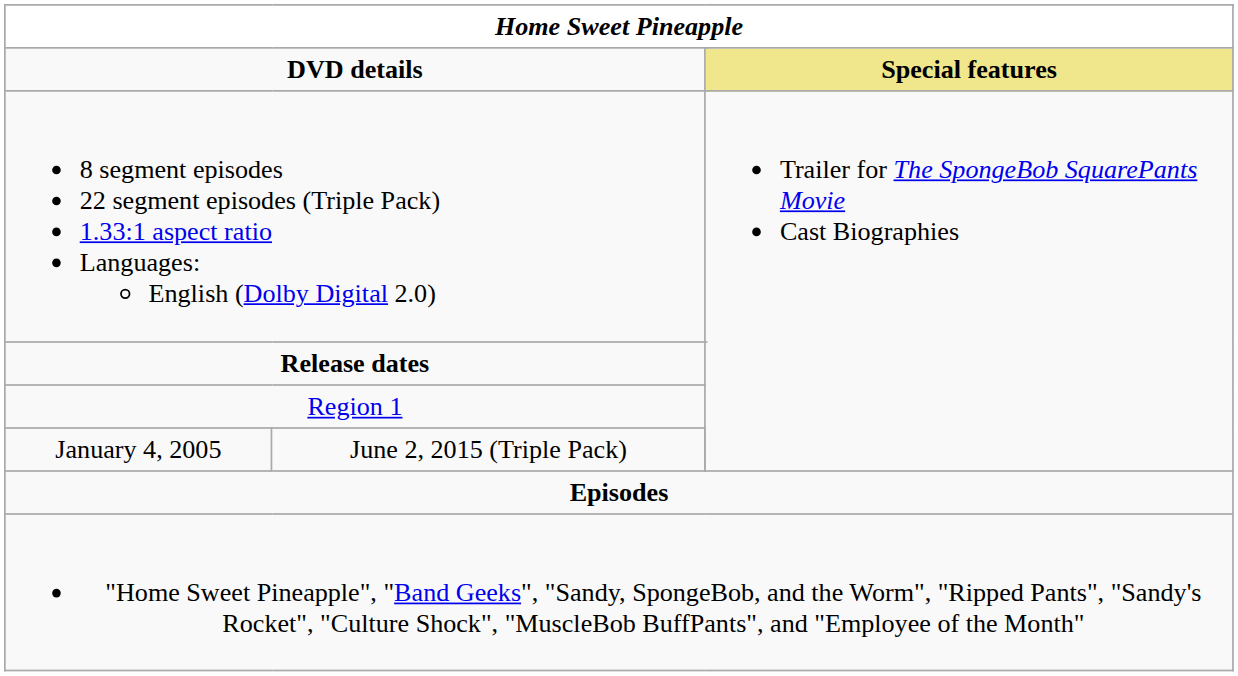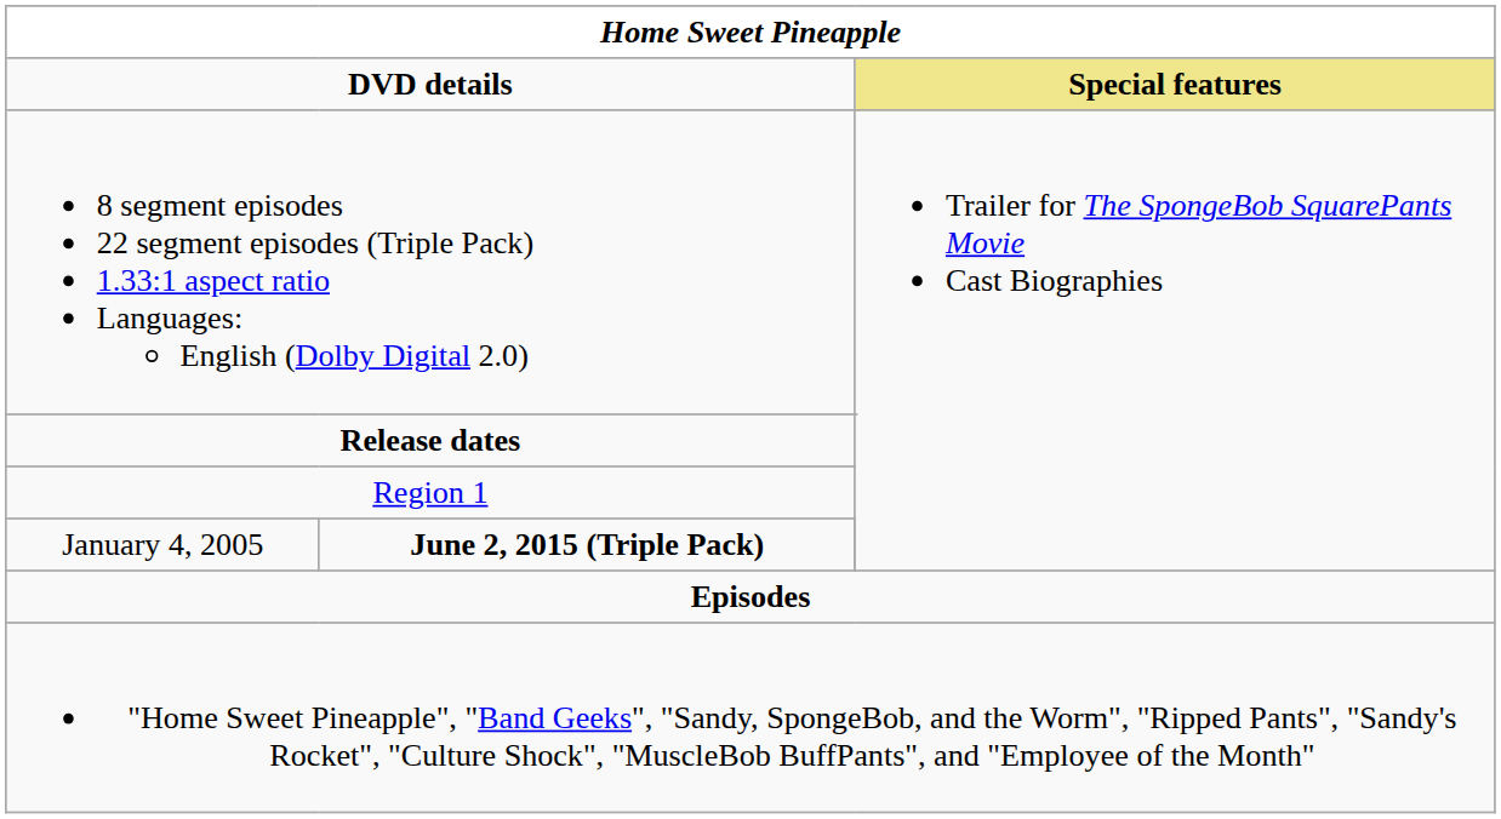 <table class="wikitable" style="font-size: 95%;">
 <tr style="background:#FFF; color:#000;">
 <td colspan="4" align="center"><strong><em>Home Sweet Pineapple</em></strong></td>
 </tr>
 <tr valign="top">
 <td style="text-align:center; width:400px;" colspan="3"><strong>DVD details</strong></td>
 <td style="background: khaki; width:300px; text-align:center;"><strong>Special features</strong></td>
 </tr>
 <tr valign="top">
 <td colspan="3" style="text-align:left; width:400px;"><br><ul><li>8 segment episodes</li><li>22 segment episodes (Triple Pack)</li><li><a href='#'>1.33:1 aspect ratio</a></li><li>Languages:<ul><li>English (<a href='#'>Dolby Digital</a> 2.0)</li></ul></li></ul></td>
 <td rowspan="4" style="text-align:left; width:300px;"><br><ul><li>Trailer for <em><a href='#'>The SpongeBob SquarePants Movie</a></em></li><li>Cast Biographies</li></ul></td>
 </tr>
 <tr>
 <td colspan="3" style="text-align:center;"><strong>Release dates</strong></td>
 </tr>
 <tr>
 <td colspan="3" style="text-align:center;"><a href='#'>Region 1</a></td>
 </tr>
 <tr style="text-align:center;">
 <td>January 4, 2005</td>
-<td>June 2, 2015 (Triple Pack)</td>
+<td><strong>June 2, 2015 (Triple Pack)</strong></td>
 </tr>
 <tr>
 <td style="text-align:center; width:400px;" colspan="4"><strong>Episodes</strong></td>
 </tr>
 <tr>
 <td style="text-align:center; width:400px;" colspan="4"><br><ul><li>"Home Sweet Pineapple", "<a href='#'>Band Geeks</a>", "Sandy, SpongeBob, and the Worm", "Ripped Pants", "Sandy's Rocket", "Culture Shock", "MuscleBob BuffPants", and "Employee of the Month"</li></ul></td>
 </tr>
 </table>
